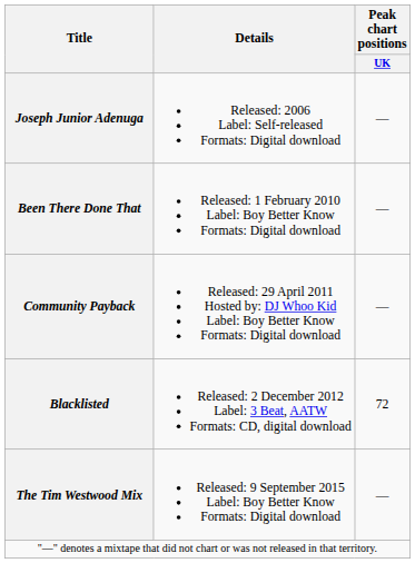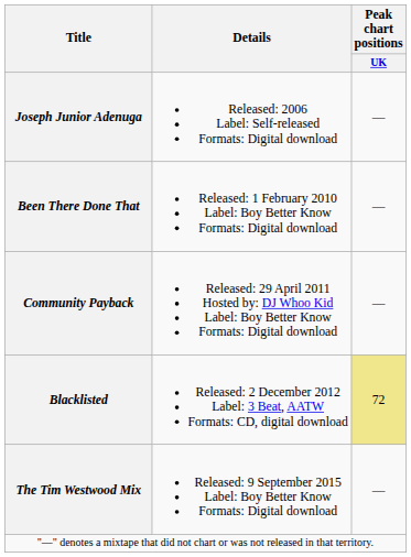 <table class="wikitable plainrowheaders" style="text-align:center;">
 <tr>
 <th scope="col" rowspan="2" style="width:11em;">Title</th>
 <th scope="col" rowspan="2" style="width:15em;">Details</th>
 <th scope="col">Peak chart positions</th>
 </tr>
 <tr>
 <th scope="col" style="width:3em;font-size:85%;"><a href='#'>UK</a><br></th>
 </tr>
 <tr>
 <th scope="row"><em>Joseph Junior Adenuga</em></th>
 <td><br><ul><li>Released: 2006</li><li>Label: Self-released</li><li>Formats: Digital download</li></ul></td>
 <td>—</td>
 </tr>
 <tr>
 <th scope="row"><em>Been There Done That</em></th>
 <td><br><ul><li>Released: 1 February 2010</li><li>Label: Boy Better Know</li><li>Formats: Digital download</li></ul></td>
 <td>—</td>
 </tr>
 <tr>
 <th scope="row"><em>Community Payback</em></th>
 <td><br><ul><li>Released: 29 April 2011</li><li>Hosted by: <a href='#'>DJ Whoo Kid</a></li><li>Label: Boy Better Know</li><li>Formats: Digital download</li></ul></td>
 <td>—</td>
 </tr>
 <tr>
 <th scope="row"><em>Blacklisted</em></th>
 <td><br><ul><li>Released: 2 December 2012</li><li>Label: <a href='#'>3 Beat</a>, <a href='#'>AATW</a></li><li>Formats: CD, digital download</li></ul></td>
-<td>72</td>
+<td style="background: khaki;">72</td>
 </tr>
 <tr>
 <th scope="row"><em>The Tim Westwood Mix</em></th>
 <td><br><ul><li>Released: 9 September 2015</li><li>Label: Boy Better Know</li><li>Formats: Digital download</li></ul></td>
 <td>—</td>
 </tr>
 <tr>
 <td colspan="14" style="font-size:85%">"—" denotes a mixtape that did not chart or was not released in that territory.</td>
 </tr>
 </table>
